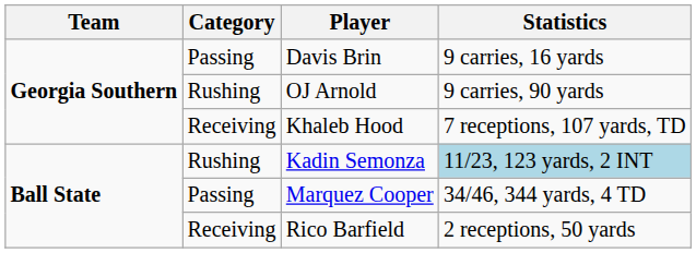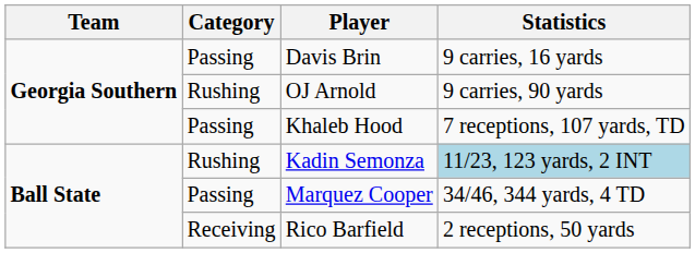 <table class="wikitable" style="float: right;">
 <tr>
 <th>Team</th>
 <th>Category</th>
 <th>Player</th>
 <th>Statistics</th>
 </tr>
 <tr>
 <td rowspan=3><strong>Georgia Southern</strong></td>
 <td>Passing</td>
 <td>Davis Brin</td>
 <td>9 carries, 16 yards</td>
 </tr>
 <tr>
 <td>Rushing</td>
 <td>OJ Arnold</td>
 <td>9 carries, 90 yards</td>
 </tr>
 <tr>
-<td>Receiving</td>
+<td>Passing</td>
 <td>Khaleb Hood</td>
 <td>7 receptions, 107 yards, TD</td>
 </tr>
 <tr>
 <td rowspan=3><strong>Ball State</strong></td>
 <td>Rushing</td>
 <td><a href='#'>Kadin Semonza</a></td>
 <td style="background: lightblue;">11/23, 123 yards, 2 INT</td>
 </tr>
 <tr>
 <td>Passing</td>
 <td><a href='#'>Marquez Cooper</a></td>
 <td>34/46, 344 yards, 4 TD</td>
 </tr>
 <tr>
 <td>Receiving</td>
 <td>Rico Barfield</td>
 <td>2 receptions, 50 yards</td>
 </tr>
 </table>
